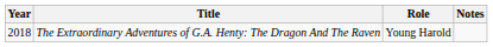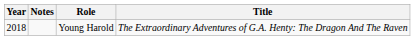 <table class="wikitable">
 <tr>
 <th>Year</th>
+<th>Notes</th>
+<th>Role</th>
 <th>Title</th>
-<th>Role</th>
-<th>Notes</th>
 </tr>
 <tr>
 <td>2018</td>
+<td></td>
+<td>Young Harold</td>
 <td><em>The Extraordinary Adventures of G.A. Henty: The Dragon And The Raven</em></td>
-<td>Young Harold</td>
-<td></td>
 </tr>
 </table>
